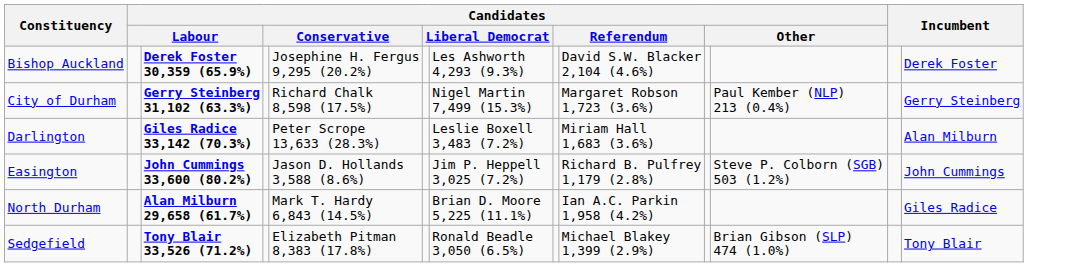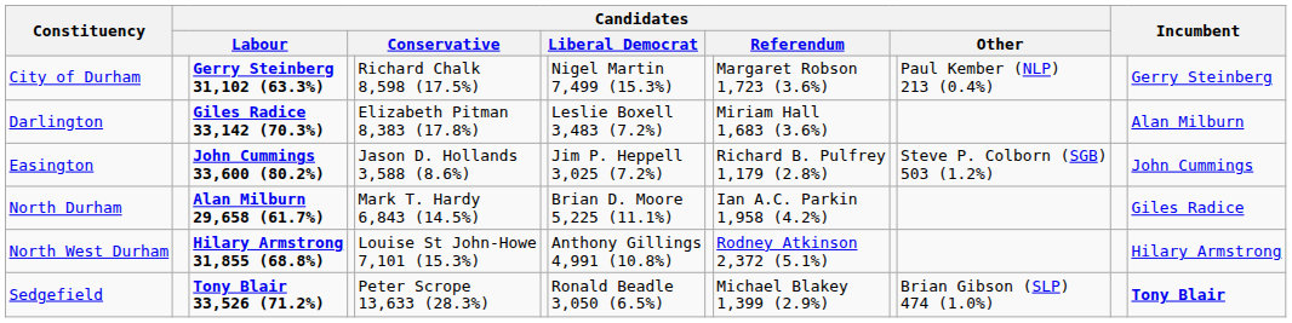 <table class="wikitable">
 <tr>
 <th rowspan="2">Constituency</th>
 <th colspan="10">Candidates</th>
 <th colspan="2" rowspan="2">Incumbent</th>
 </tr>
 <tr>
 <th colspan="2"><a href='#'>Labour</a></th>
 <th colspan="2"><a href='#'>Conservative</a></th>
 <th colspan="2"><a href='#'>Liberal Democrat</a></th>
 <th colspan="2"><a href='#'>Referendum</a></th>
 <th colspan="2">Other</th>
-</tr>
-<tr>
-<td><a href='#'>Bishop Auckland</a></td>
-<td style="color:inherit;background:"> </td>
-<td><strong><a href='#'>Derek Foster</a></strong><br><strong>30,359 (65.9%)</strong></td>
-<td></td>
-<td>Josephine H. Fergus<br>9,295 (20.2%)</td>
-<td></td>
-<td>Les Ashworth<br>4,293 (9.3%)</td>
-<td></td>
-<td>David S.W. Blacker<br>2,104 (4.6%)</td>
-<td></td>
-<td></td>
-<td style="color:inherit;background:"> </td>
-<td><a href='#'>Derek Foster</a></td>
 </tr>
 <tr>
 <td><a href='#'>City of Durham</a></td>
 <td style="color:inherit;background:"> </td>
 <td><strong><a href='#'>Gerry Steinberg</a></strong><br><strong>31,102 (63.3%)</strong></td>
 <td></td>
 <td>Richard Chalk<br>8,598 (17.5%)</td>
 <td></td>
 <td>Nigel Martin<br>7,499 (15.3%)</td>
 <td></td>
 <td>Margaret Robson<br>1,723 (3.6%)</td>
 <td></td>
 <td>Paul Kember (<a href='#'>NLP</a>)<br>213 (0.4%)</td>
 <td style="color:inherit;background:"> </td>
 <td><a href='#'>Gerry Steinberg</a></td>
 </tr>
 <tr>
 <td><a href='#'>Darlington</a></td>
 <td style="color:inherit;background:"> </td>
 <td><strong><a href='#'>Giles Radice</a></strong><br><strong>33,142 (70.3%)</strong></td>
 <td></td>
-<td>Peter Scrope<br>13,633 (28.3%)</td>
+<td>Elizabeth Pitman<br>8,383 (17.8%)</td>
 <td></td>
 <td>Leslie Boxell<br>3,483 (7.2%)</td>
 <td></td>
 <td>Miriam Hall<br>1,683 (3.6%)</td>
 <td></td>
 <td></td>
 <td style="color:inherit;background:"> </td>
 <td><a href='#'>Alan Milburn</a></td>
 </tr>
 <tr>
 <td><a href='#'>Easington</a></td>
 <td style="color:inherit;background:"> </td>
 <td><strong><a href='#'>John Cummings</a></strong><br><strong>33,600 (80.2%)</strong></td>
 <td></td>
 <td>Jason D. Hollands<br>3,588 (8.6%)</td>
 <td></td>
 <td>Jim P. Heppell<br>3,025 (7.2%)</td>
 <td></td>
 <td>Richard B. Pulfrey<br>1,179 (2.8%)</td>
 <td></td>
 <td>Steve P. Colborn (<a href='#'>SGB</a>)<br>503 (1.2%)</td>
 <td style="color:inherit;background:"> </td>
 <td><a href='#'>John Cummings</a></td>
 </tr>
 <tr>
 <td><a href='#'>North Durham</a></td>
 <td style="color:inherit;background:"> </td>
 <td><strong><a href='#'>Alan Milburn</a></strong><br><strong>29,658 (61.7%)</strong></td>
 <td></td>
 <td>Mark T. Hardy<br>6,843 (14.5%)</td>
 <td></td>
 <td>Brian D. Moore<br>5,225 (11.1%)</td>
 <td></td>
 <td>Ian A.C. Parkin<br>1,958 (4.2%)</td>
 <td></td>
 <td></td>
 <td style="color:inherit;background:"> </td>
 <td><a href='#'>Giles Radice</a></td>
 </tr>
 <tr>
+<td><a href='#'>North West Durham</a></td>
+<td style="color:inherit;background:"> </td>
+<td><strong><a href='#'>Hilary Armstrong</a></strong><br><strong>31,855 (68.8%)</strong></td>
+<td></td>
+<td>Louise St John-Howe<br>7,101 (15.3%)</td>
+<td></td>
+<td>Anthony Gillings<br>4,991 (10.8%)</td>
+<td></td>
+<td><a href='#'>Rodney Atkinson</a><br>2,372 (5.1%)</td>
+<td></td>
+<td></td>
+<td style="color:inherit;background:"> </td>
+<td><a href='#'>Hilary Armstrong</a></td>
+</tr>
+<tr>
 <td><a href='#'>Sedgefield</a></td>
 <td style="color:inherit;background:"> </td>
 <td><strong><a href='#'>Tony Blair</a></strong><br><strong>33,526 (71.2%)</strong></td>
 <td></td>
-<td>Elizabeth Pitman<br>8,383 (17.8%)</td>
+<td>Peter Scrope<br>13,633 (28.3%)</td>
 <td></td>
 <td>Ronald Beadle<br>3,050 (6.5%)</td>
 <td></td>
 <td>Michael Blakey<br>1,399 (2.9%)</td>
 <td></td>
 <td>Brian Gibson (<a href='#'>SLP</a>)<br>474 (1.0%)</td>
 <td style="color:inherit;background:"> </td>
-<td><a href='#'>Tony Blair</a></td>
+<td><strong><a href='#'>Tony Blair</a></strong></td>
 </tr>
 </table>
